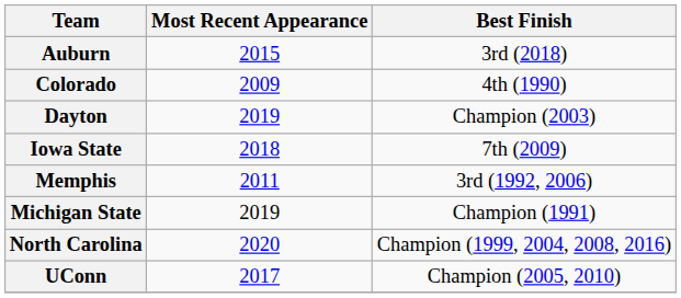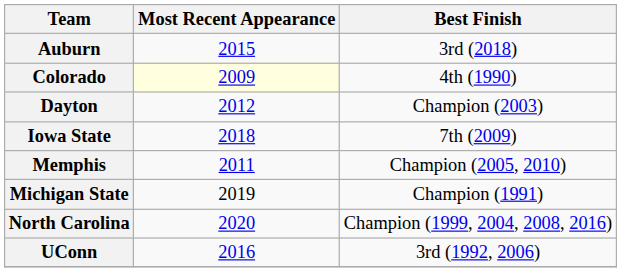 <table class="wikitable">
 <tr>
 <th>Team</th>
 <th>Most Recent Appearance</th>
 <th>Best Finish</th>
 </tr>
 <tr style="text-align:center;">
 <th>Auburn</th>
 <td><a href='#'>2015</a></td>
 <td>3rd (<a href='#'>2018</a>)</td>
 </tr>
 <tr style="text-align:center;">
 <th>Colorado</th>
-<td><a href='#'>2009</a></td>
+<td style="background: lightyellow;"><a href='#'>2009</a></td>
 <td>4th (<a href='#'>1990</a>)</td>
 </tr>
 <tr style="text-align:center;">
 <th>Dayton</th>
-<td><a href='#'>2019</a></td>
+<td><a href='#'>2012</a></td>
 <td>Champion (<a href='#'>2003</a>)</td>
 </tr>
 <tr style="text-align:center;">
 <th>Iowa State</th>
 <td><a href='#'>2018</a></td>
 <td>7th (<a href='#'>2009</a>)</td>
 </tr>
 <tr style="text-align:center;">
 <th>Memphis</th>
 <td><a href='#'>2011</a></td>
-<td>3rd (<a href='#'>1992</a>, <a href='#'>2006</a>)</td>
+<td>Champion (<a href='#'>2005</a>, <a href='#'>2010</a>)</td>
 </tr>
 <tr style="text-align:center;">
 <th>Michigan State</th>
 <td>2019</td>
 <td>Champion (<a href='#'>1991</a>)</td>
 </tr>
 <tr style="text-align:center;">
 <th>North Carolina</th>
 <td><a href='#'>2020</a></td>
 <td>Champion (<a href='#'>1999</a>, <a href='#'>2004</a>, <a href='#'>2008</a>, <a href='#'>2016</a>)</td>
 </tr>
 <tr style="text-align:center;">
 <th>UConn</th>
-<td><a href='#'>2017</a></td>
-<td>Champion (<a href='#'>2005</a>, <a href='#'>2010</a>)</td>
+<td><a href='#'>2016</a></td>
+<td>3rd (<a href='#'>1992</a>, <a href='#'>2006</a>)</td>
 </tr>
 <tr>
 </tr>
 </table>
